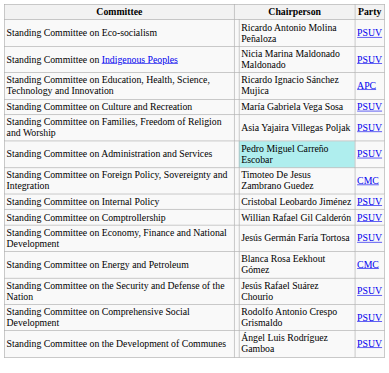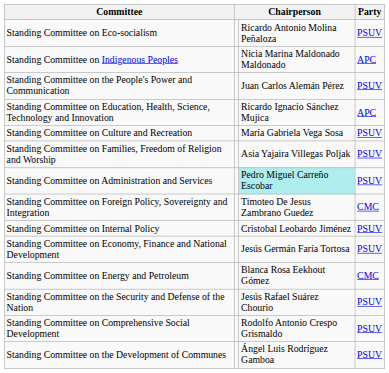 <table class="wikitable" style="margin:1em auto;">
 <tr>
 <th>Committee</th>
 <th colspan="2">Chairperson</th>
 <th>Party</th>
 </tr>
 <tr>
 <td>Standing Committee on Eco-socialism</td>
 <td style="background:"></td>
 <td>Ricardo Antonio Molina Peñaloza</td>
 <td><a href='#'>PSUV</a></td>
 </tr>
 <tr>
 <td>Standing Committee on <a href='#'>Indigenous Peoples</a></td>
 <td style="background:"></td>
 <td>Nicia Marina Maldonado Maldonado</td>
+<td><a href='#'>APC</a></td>
+</tr>
+<tr>
+<td>Standing Committee on the People's Power and Communication</td>
+<td style="background:"></td>
+<td>Juan Carlos Alemán Pérez</td>
 <td><a href='#'>PSUV</a></td>
 </tr>
 <tr>
 <td>Standing Committee on Education, Health, Science, Technology and Innovation</td>
 <td style="background:"></td>
 <td>Ricardo Ignacio Sánchez Mujica</td>
 <td><a href='#'>APC</a></td>
 </tr>
 <tr>
 <td>Standing Committee on Culture and Recreation</td>
 <td style="background:"></td>
 <td>María Gabriela Vega Sosa</td>
 <td><a href='#'>PSUV</a></td>
 </tr>
 <tr>
 <td>Standing Committee on Families, Freedom of Religion and Worship</td>
 <td style="background:"></td>
 <td>Asia Yajaira Villegas Poljak</td>
 <td><a href='#'>PSUV</a></td>
 </tr>
 <tr>
 <td>Standing Committee on Administration and Services</td>
 <td style="background:"></td>
 <td style="background: paleturquoise;">Pedro Miguel Carreño Escobar</td>
 <td><a href='#'>PSUV</a></td>
 </tr>
 <tr>
 <td>Standing Committee on Foreign Policy, Sovereignty and Integration</td>
 <td style="background:"></td>
 <td>Timoteo De Jesus Zambrano Guedez</td>
 <td><a href='#'>CMC</a></td>
 </tr>
 <tr>
 <td>Standing Committee on Internal Policy</td>
 <td style="background:"></td>
 <td>Cristobal Leobardo Jiménez</td>
 <td><a href='#'>PSUV</a></td>
 </tr>
 <tr>
-<td>Standing Committee on Comptrollership</td>
-<td style="background:"></td>
-<td>Willian Rafael Gil Calderón</td>
-<td><a href='#'>PSUV</a></td>
-</tr>
-<tr>
 <td>Standing Committee on Economy, Finance and National Development</td>
 <td style="background:"></td>
 <td>Jesús Germán Faría Tortosa</td>
 <td><a href='#'>PSUV</a></td>
 </tr>
 <tr>
 <td>Standing Committee on Energy and Petroleum</td>
 <td style="background:"></td>
 <td>Blanca Rosa Eekhout Gómez</td>
 <td><a href='#'>CMC</a></td>
 </tr>
 <tr>
 <td>Standing Committee on the Security and Defense of the Nation</td>
 <td style="background:"></td>
 <td>Jesús Rafael Suárez Chourio</td>
 <td><a href='#'>PSUV</a></td>
 </tr>
 <tr>
 <td>Standing Committee on Comprehensive Social Development</td>
 <td style="background:"></td>
 <td>Rodolfo Antonio Crespo Grismaldo</td>
 <td><a href='#'>PSUV</a></td>
 </tr>
 <tr>
 <td>Standing Committee on the Development of Communes</td>
 <td style="background:"></td>
 <td>Ángel Luis Rodríguez Gamboa</td>
 <td><a href='#'>PSUV</a></td>
 </tr>
 </table>
